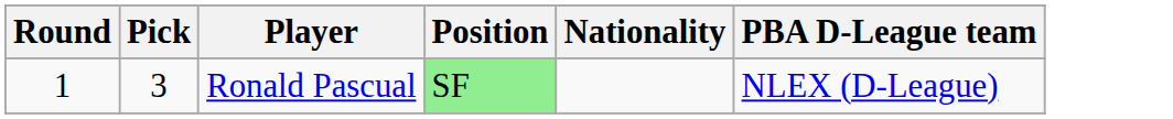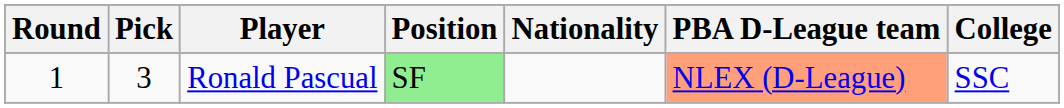 <table class="wikitable sortable sortable">
 <tr>
 <th>Round</th>
 <th>Pick</th>
 <th>Player</th>
 <th>Position</th>
 <th>Nationality</th>
 <th>PBA D-League team</th>
+<th>College</th>
 </tr>
 <tr>
 <td align=center>1</td>
 <td align=center>3</td>
 <td><a href='#'>Ronald Pascual</a></td>
 <td style="background: lightgreen;">SF</td>
 <td></td>
-<td><a href='#'>NLEX (D-League)</a></td>
+<td style="background: lightsalmon;"><a href='#'>NLEX (D-League)</a></td>
+<td><a href='#'>SSC</a></td>
 </tr>
 </table>
